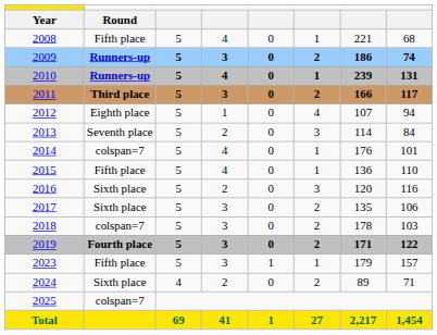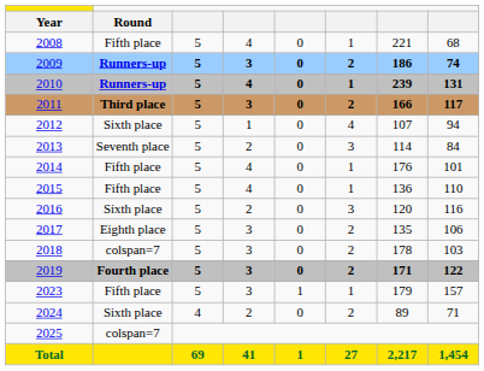 <table class="wikitable" style="text-align:center">
 <tr>
 <th style="background:#FFE605; color:#006629; "> </th>
 </tr>
 <tr>
 <th width=100px scope="col">Year</th>
 <th scope="col">Round</th>
 <th width=55px scope="col"></th>
 <th width=55px scope="col"></th>
 <th width=55px scope="col"></th>
 <th width=55px scope="col"></th>
 <th width=55px scope="col"></th>
 <th width=55px scope="col"></th>
 </tr>
 <tr>
 <td> <a href='#'>2008</a></td>
 <td>Fifth place</td>
 <td>5</td>
 <td>4</td>
 <td>0</td>
 <td>1</td>
 <td>221</td>
 <td>68</td>
 </tr>
 <tr bgcolor=#9acdff>
 <td> <a href='#'>2009</a></td>
 <td><strong><a href='#'>Runners-up</a></strong></td>
 <td><strong>5</strong></td>
 <td><strong>3</strong></td>
 <td><strong>0</strong></td>
 <td><strong>2</strong></td>
 <td><strong>186</strong></td>
 <td><strong>74</strong></td>
 </tr>
 <tr bgcolor=Silver>
 <td> <a href='#'>2010</a></td>
 <td><strong><a href='#'>Runners-up</a></strong></td>
 <td><strong>5</strong></td>
 <td><strong>4</strong></td>
 <td><strong>0</strong></td>
 <td><strong>1</strong></td>
 <td><strong>239</strong></td>
 <td><strong>131</strong></td>
 </tr>
 <tr bgcolor=#cc9966>
 <td> <a href='#'>2011</a></td>
 <td><strong>Third place</strong></td>
 <td><strong>5</strong></td>
 <td><strong>3</strong></td>
 <td><strong>0</strong></td>
 <td><strong>2</strong></td>
 <td><strong>166</strong></td>
 <td><strong>117</strong></td>
 </tr>
 <tr>
 <td> <a href='#'>2012</a></td>
-<td>Eighth place</td>
+<td>Sixth place</td>
 <td>5</td>
 <td>1</td>
 <td>0</td>
 <td>4</td>
 <td>107</td>
 <td>94</td>
 </tr>
 <tr>
 <td> <a href='#'>2013</a></td>
 <td>Seventh place</td>
 <td>5</td>
 <td>2</td>
 <td>0</td>
 <td>3</td>
 <td>114</td>
 <td>84</td>
 </tr>
 <tr>
 <td> <a href='#'>2014</a></td>
-<td>colspan=7 </td>
+<td>Fifth place</td>
 <td>5</td>
 <td>4</td>
 <td>0</td>
 <td>1</td>
 <td>176</td>
 <td>101</td>
 </tr>
 <tr>
 <td> <a href='#'>2015</a></td>
 <td>Fifth place</td>
 <td>5</td>
 <td>4</td>
 <td>0</td>
 <td>1</td>
 <td>136</td>
 <td>110</td>
 </tr>
 <tr>
 <td> <a href='#'>2016</a></td>
 <td>Sixth place</td>
 <td>5</td>
 <td>2</td>
 <td>0</td>
 <td>3</td>
 <td>120</td>
 <td>116</td>
 </tr>
 <tr>
 <td> <a href='#'>2017</a></td>
-<td>Sixth place</td>
+<td>Eighth place</td>
 <td>5</td>
 <td>3</td>
 <td>0</td>
 <td>2</td>
 <td>135</td>
 <td>106</td>
 </tr>
 <tr>
 <td> <a href='#'>2018</a></td>
 <td>colspan=7 </td>
 <td>5</td>
 <td>3</td>
 <td>0</td>
 <td>2</td>
 <td>178</td>
 <td>103</td>
 </tr>
 <tr bgcolor=Silver>
 <td> <a href='#'>2019</a></td>
 <td><strong>Fourth place</strong></td>
 <td><strong>5</strong></td>
 <td><strong>3</strong></td>
 <td><strong>0</strong></td>
 <td><strong>2</strong></td>
 <td><strong>171</strong></td>
 <td><strong>122</strong></td>
 </tr>
 <tr>
 <td> <a href='#'>2023</a></td>
 <td>Fifth place</td>
 <td>5</td>
 <td>3</td>
 <td>1</td>
 <td>1</td>
 <td>179</td>
 <td>157</td>
 </tr>
 <tr>
 <td> <a href='#'>2024</a></td>
 <td>Sixth place</td>
 <td>4</td>
 <td>2</td>
 <td>0</td>
 <td>2</td>
 <td>89</td>
 <td>71</td>
 </tr>
 <tr>
 <td> <a href='#'>2025</a></td>
 <td>colspan=7 </td>
 </tr>
 <tr>
 <th style="background:#FFE605; color:#006629; ">Total</th>
 <th style="background:#FFE605; color:#006629; "></th>
 <th style="background:#FFE605; color:#006629; ">69</th>
 <th style="background:#FFE605; color:#006629; ">41</th>
 <th style="background:#FFE605; color:#006629; ">1</th>
 <th style="background:#FFE605; color:#006629; ">27</th>
 <th style="background:#FFE605; color:#006629; ">2,217</th>
 <th style="background:#FFE605; color:#006629; ">1,454</th>
 </tr>
 </table>
